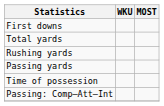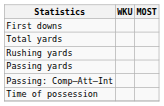 <table class="wikitable" style="float: left;">
 <tr>
 <th>Statistics</th>
 <th>WKU</th>
 <th>MOST</th>
 </tr>
 <tr>
 <td>First downs</td>
 <td></td>
 <td></td>
 </tr>
 <tr>
 <td>Total yards</td>
 <td></td>
 <td></td>
 </tr>
 <tr>
 <td>Rushing yards</td>
 <td></td>
 <td></td>
 </tr>
 <tr>
 <td>Passing yards</td>
 <td></td>
 <td></td>
 </tr>
 <tr>
-<td>Time of possession</td>
+<td>Passing: Comp–Att–Int</td>
 <td></td>
 <td></td>
 </tr>
 <tr>
-<td>Passing: Comp–Att–Int</td>
+<td>Time of possession</td>
 <td></td>
 <td></td>
 </tr>
 <tr>
 </tr>
 </table>
